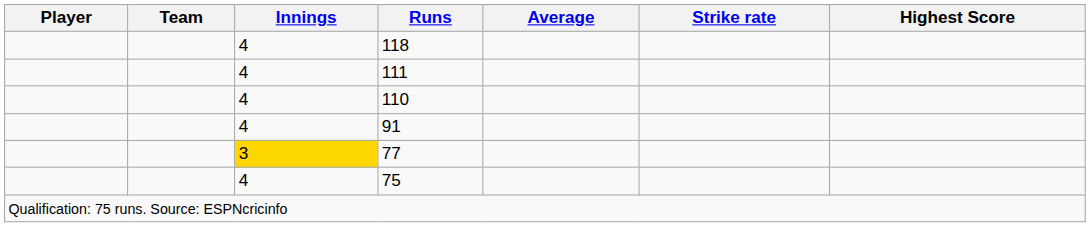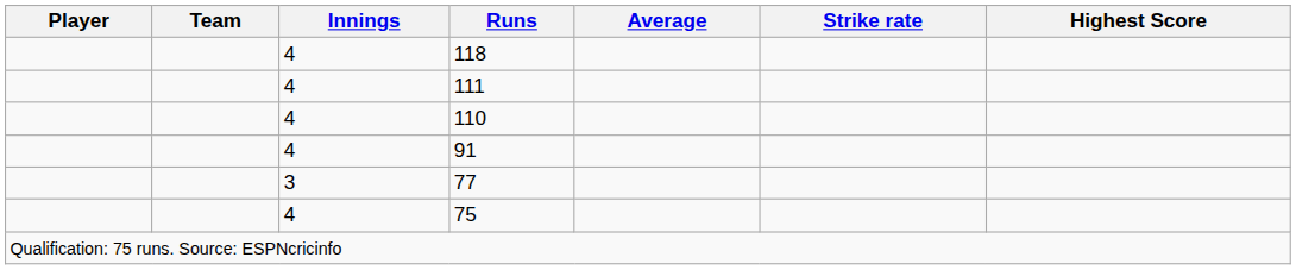 <table class="wikitable sortable" style="width:80%;">
 <tr>
 <th>Player</th>
 <th>Team</th>
 <th><a href='#'>Innings</a></th>
 <th><a href='#'>Runs</a></th>
 <th><a href='#'>Average</a></th>
 <th><a href='#'>Strike rate</a></th>
 <th>Highest Score</th>
 </tr>
 <tr>
 <td></td>
 <td></td>
 <td>4</td>
 <td>118</td>
 <td></td>
 <td></td>
 <td></td>
 </tr>
 <tr>
 <td></td>
 <td></td>
 <td>4</td>
 <td>111</td>
 <td></td>
 <td></td>
 <td></td>
 </tr>
 <tr>
 <td></td>
 <td></td>
 <td>4</td>
 <td>110</td>
 <td></td>
 <td></td>
 <td></td>
 </tr>
 <tr>
 <td></td>
 <td></td>
 <td>4</td>
 <td>91</td>
 <td></td>
 <td></td>
 <td></td>
 </tr>
 <tr>
 <td></td>
 <td></td>
-<td style="background: gold;">3</td>
+<td>3</td>
 <td>77</td>
 <td></td>
 <td></td>
 <td></td>
 </tr>
 <tr>
 <td></td>
 <td></td>
 <td>4</td>
 <td>75</td>
 <td></td>
 <td></td>
 <td></td>
 </tr>
 <tr class="unsortable">
 <td colspan="8"><small>Qualification: 75 runs.  Source: ESPNcricinfo</small></td>
 </tr>
 </table>
